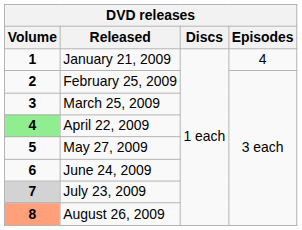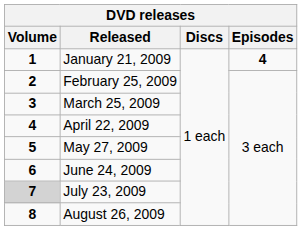 <table class="wikitable">
 <tr>
 <th colspan="9">DVD releases</th>
 </tr>
 <tr>
 <th>Volume</th>
 <th>Released</th>
 <th>Discs</th>
 <th>Episodes</th>
 </tr>
 <tr>
 <td align=center><strong>1</strong></td>
 <td>January 21, 2009</td>
 <td align=center rowspan="8">1 each</td>
-<td align=center>4</td>
+<td align=center><strong>4</strong></td>
 </tr>
 <tr>
 <td align=center><strong>2</strong></td>
 <td>February 25, 2009</td>
 <td align=center rowspan="7">3 each</td>
 </tr>
 <tr>
 <td align=center><strong>3</strong></td>
 <td>March 25, 2009</td>
 </tr>
 <tr>
-<td align=center style="background: lightgreen;"><strong>4</strong></td>
+<td align=center><strong>4</strong></td>
 <td>April 22, 2009</td>
 </tr>
 <tr>
 <td align=center><strong>5</strong></td>
 <td>May 27, 2009</td>
 </tr>
 <tr>
 <td align=center><strong>6</strong></td>
 <td>June 24, 2009</td>
 </tr>
 <tr>
 <td align=center style="background: lightgrey;"><strong>7</strong></td>
 <td>July 23, 2009</td>
 </tr>
 <tr>
-<td align=center style="background: lightsalmon;"><strong>8</strong></td>
+<td align=center><strong>8</strong></td>
 <td>August 26, 2009</td>
 </tr>
 </table>
